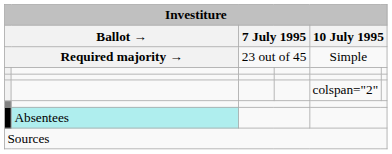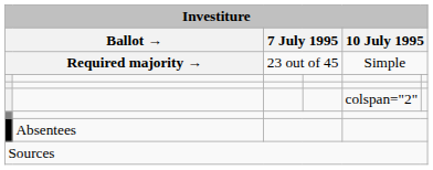 <table class="wikitable" style="text-align:center;">
 <tr bgcolor="#E9E9E9">
 <td colspan="6" align="center" bgcolor="#C0C0C0"><strong>Investiture</strong></td>
 </tr>
 <tr>
 <th colspan="2" width="275px">Ballot →</th>
 <th colspan="2">7 July 1995</th>
 <th colspan="2">10 July 1995</th>
 </tr>
 <tr>
 <th colspan="2">Required majority →</th>
 <td colspan="2">23 out of 45</td>
 <td colspan="2">Simple</td>
 </tr>
 <tr>
 <th width="1px" style="background:"></th>
 <td align="left"></td>
 <td></td>
 <td></td>
 <td></td>
 <td></td>
 </tr>
 <tr>
 <th style="color:inherit;background:"></th>
 <td align="left"></td>
 <td></td>
 <td></td>
 <td></td>
 <td></td>
 </tr>
 <tr>
 <th style="color:inherit;background:"></th>
 <td align="left"></td>
 <td></td>
 <td></td>
 <td>colspan="2" </td>
 </tr>
 <tr>
 <th style="color:inherit;background:gray;"></th>
 <td align="left"></td>
 <td colspan="2"></td>
 <td colspan="2"></td>
 </tr>
 <tr>
 <th style="color:inherit;background:black;"></th>
-<td align="left" style="background: paleturquoise;"><span>Absentees</span></td>
+<td align="left"><span>Absentees</span></td>
 <td colspan="2"></td>
 <td colspan="2"></td>
 </tr>
 <tr>
 <td align="left" colspan="6">Sources</td>
 </tr>
 </table>
